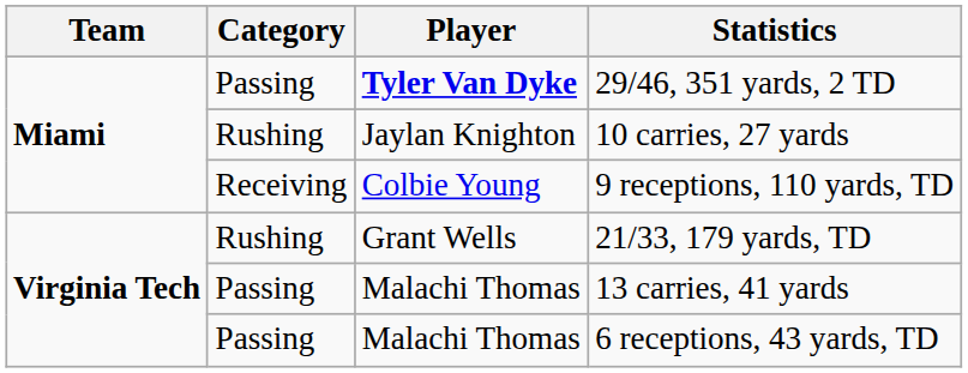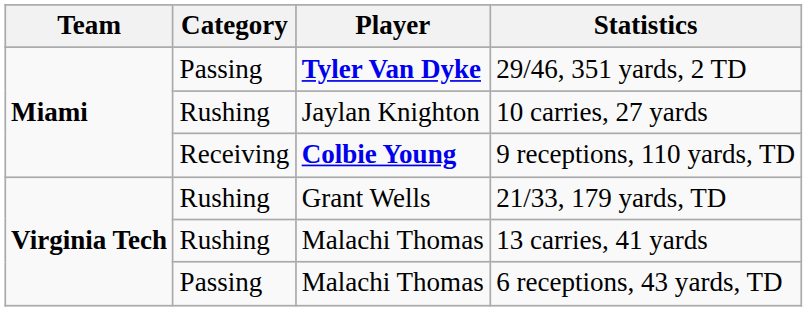 <table class="wikitable" style="float: right;">
 <tr>
 <th>Team</th>
 <th>Category</th>
 <th>Player</th>
 <th>Statistics</th>
 </tr>
 <tr>
 <td rowspan=3><strong>Miami</strong></td>
 <td>Passing</td>
 <td><strong><a href='#'>Tyler Van Dyke</a></strong></td>
 <td>29/46, 351 yards, 2 TD</td>
 </tr>
 <tr>
 <td>Rushing</td>
 <td>Jaylan Knighton</td>
 <td>10 carries, 27 yards</td>
 </tr>
 <tr>
 <td>Receiving</td>
-<td><a href='#'>Colbie Young</a></td>
+<td><strong><a href='#'>Colbie Young</a></strong></td>
 <td>9 receptions, 110 yards, TD</td>
 </tr>
 <tr>
 <td rowspan=3><strong>Virginia Tech</strong></td>
 <td>Rushing</td>
 <td>Grant Wells</td>
 <td>21/33, 179 yards, TD</td>
 </tr>
 <tr>
-<td>Passing</td>
+<td>Rushing</td>
 <td>Malachi Thomas</td>
 <td>13 carries, 41 yards</td>
 </tr>
 <tr>
 <td>Passing</td>
 <td>Malachi Thomas</td>
 <td>6 receptions, 43 yards, TD</td>
 </tr>
 </table>
